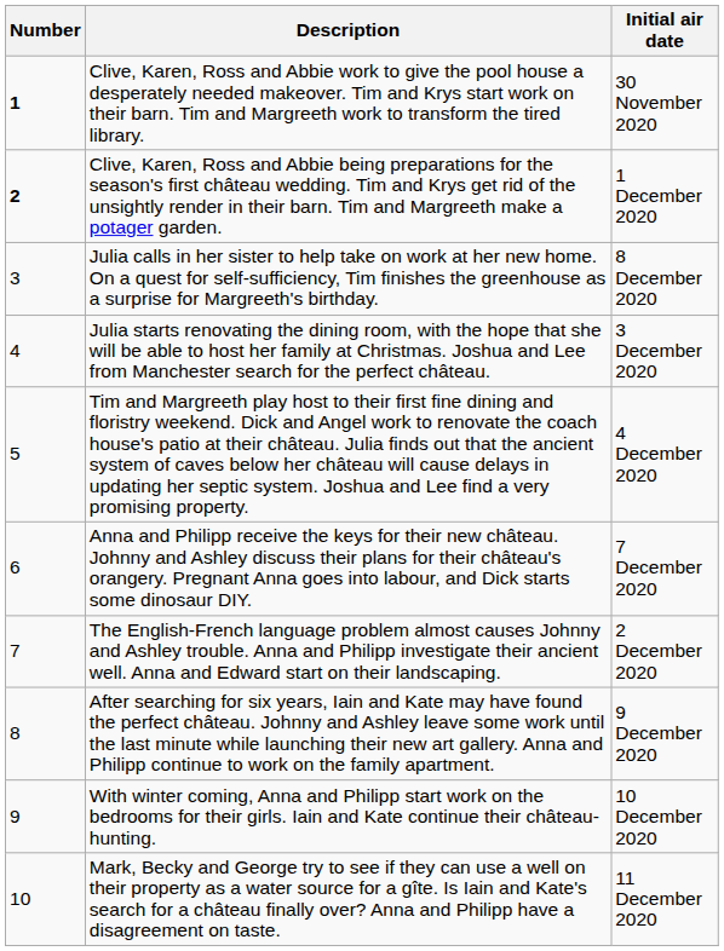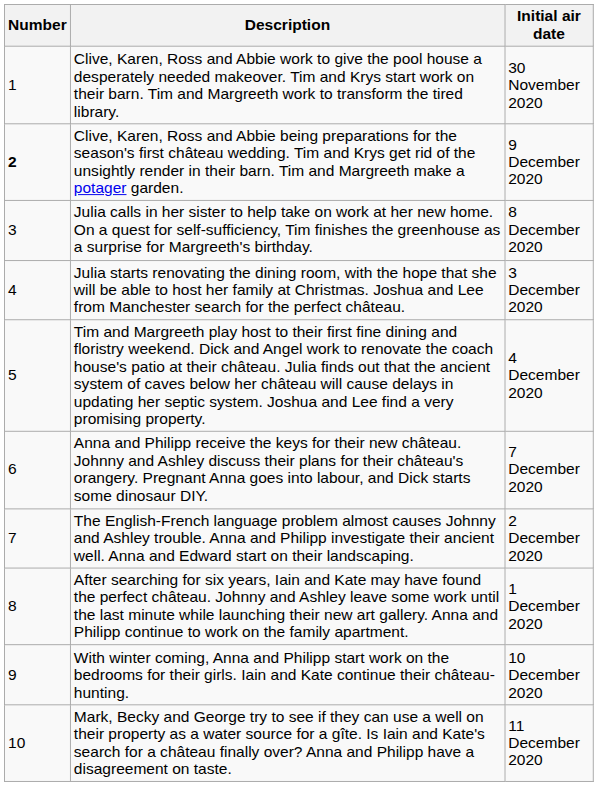 <table class="wikitable">
 <tr>
 <th>Number</th>
 <th>Description</th>
 <th>Initial air date</th>
 </tr>
 <tr>
-<td><strong>1</strong></td>
+<td>1</td>
 <td>Clive, Karen, Ross and Abbie work to give the pool house a desperately needed makeover. Tim and Krys start work on their barn. Tim and Margreeth work to transform the tired library.</td>
 <td>30 November 2020</td>
 </tr>
 <tr>
 <td><strong>2</strong></td>
 <td>Clive, Karen, Ross and Abbie being preparations for the season's first château wedding. Tim and Krys get rid of the unsightly render in their barn. Tim and Margreeth make a <a href='#'>potager</a> garden.</td>
-<td>1 December 2020</td>
+<td>9 December 2020</td>
 </tr>
 <tr>
 <td>3</td>
 <td>Julia calls in her sister to help take on work at her new home. On a quest for self-sufficiency, Tim finishes the greenhouse as a surprise for Margreeth's birthday.</td>
 <td>8 December 2020</td>
 </tr>
 <tr>
 <td>4</td>
 <td>Julia starts renovating the dining room, with the hope that she will be able to host her family at Christmas. Joshua and Lee from Manchester search for the perfect château.</td>
 <td>3 December 2020</td>
 </tr>
 <tr>
 <td>5</td>
 <td>Tim and Margreeth play host to their first fine dining and floristry weekend. Dick and Angel work to renovate the coach house's patio at their château. Julia finds out that the ancient system of caves below her château will cause delays in updating her septic system. Joshua and Lee find a very promising property.</td>
 <td>4 December 2020</td>
 </tr>
 <tr>
 <td>6</td>
 <td>Anna and Philipp receive the keys for their new château. Johnny and Ashley discuss their plans for their château's orangery. Pregnant Anna goes into labour, and Dick starts some dinosaur DIY.</td>
 <td>7 December 2020</td>
 </tr>
 <tr>
 <td>7</td>
 <td>The English-French language problem almost causes Johnny and Ashley trouble. Anna and Philipp investigate their ancient well. Anna and Edward start on their landscaping.</td>
 <td>2 December 2020</td>
 </tr>
 <tr>
 <td>8</td>
 <td>After searching for six years, Iain and Kate may have found the perfect château. Johnny and Ashley leave some work until the last minute while launching their new art gallery. Anna and Philipp continue to work on the family apartment.</td>
-<td>9 December 2020</td>
+<td>1 December 2020</td>
 </tr>
 <tr>
 <td>9</td>
 <td>With winter coming, Anna and Philipp start work on the bedrooms for their girls. Iain and Kate continue their château-hunting.</td>
 <td>10 December 2020</td>
 </tr>
 <tr>
 <td>10</td>
 <td>Mark, Becky and George try to see if they can use a well on their property as a water source for a gîte. Is Iain and Kate's search for a château finally over? Anna and Philipp have a disagreement on taste.</td>
 <td>11 December 2020</td>
 </tr>
 </table>
